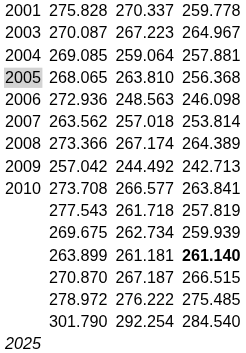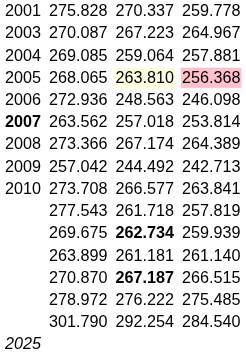 <table>
 <tr>
 <td>2001</td>
 <td></td>
 <td>275.828</td>
 <td></td>
 <td>270.337</td>
 <td></td>
 <td>259.778</td>
 </tr>
 <tr>
 <td>2003</td>
 <td></td>
 <td>270.087</td>
 <td></td>
 <td>267.223</td>
 <td></td>
 <td>264.967</td>
 </tr>
 <tr>
 <td>2004</td>
 <td></td>
 <td>269.085</td>
 <td></td>
 <td>259.064</td>
 <td></td>
 <td>257.881</td>
 </tr>
 <tr>
-<td style="background: lightgrey;">2005</td>
+<td>2005</td>
 <td></td>
 <td>268.065</td>
 <td></td>
-<td>263.810</td>
+<td style="background: lightyellow;">263.810</td>
 <td></td>
-<td>256.368</td>
+<td style="background: pink;">256.368</td>
 </tr>
 <tr>
 <td>2006</td>
 <td></td>
 <td>272.936</td>
 <td></td>
 <td>248.563</td>
 <td></td>
 <td>246.098</td>
 </tr>
 <tr>
-<td>2007</td>
+<td><strong>2007</strong></td>
 <td></td>
 <td>263.562</td>
 <td></td>
 <td>257.018</td>
 <td></td>
 <td>253.814</td>
 </tr>
 <tr>
 <td>2008</td>
 <td></td>
 <td>273.366</td>
 <td></td>
 <td>267.174</td>
 <td></td>
 <td>264.389</td>
 </tr>
 <tr>
 <td>2009</td>
 <td></td>
 <td>257.042</td>
 <td></td>
 <td>244.492</td>
 <td></td>
 <td>242.713</td>
 </tr>
 <tr>
 <td>2010</td>
 <td></td>
 <td>273.708</td>
 <td></td>
 <td>266.577</td>
 <td></td>
 <td>263.841</td>
 </tr>
 <tr>
 <td></td>
 <td></td>
 <td>277.543 </td>
 <td></td>
 <td>261.718</td>
 <td></td>
 <td>257.819</td>
 </tr>
 <tr>
 <td></td>
 <td></td>
 <td>269.675</td>
 <td></td>
-<td>262.734</td>
+<td><strong>262.734</strong></td>
 <td></td>
 <td>259.939</td>
 </tr>
 <tr>
 <td></td>
 <td></td>
 <td>263.899</td>
 <td></td>
 <td>261.181</td>
 <td></td>
-<td><strong>261.140</strong></td>
+<td>261.140</td>
 </tr>
 <tr>
 <td></td>
 <td></td>
 <td>270.870</td>
 <td></td>
-<td>267.187</td>
+<td><strong>267.187</strong></td>
 <td></td>
 <td>266.515</td>
 </tr>
 <tr>
 <td></td>
 <td></td>
 <td>278.972 </td>
 <td></td>
 <td>276.222</td>
 <td></td>
 <td>275.485</td>
 </tr>
 <tr>
 <td></td>
 <td></td>
 <td>301.790</td>
 <td></td>
 <td>292.254</td>
 <td></td>
 <td>284.540</td>
 </tr>
 <tr>
 <td><em>2025</em></td>
 <td></td>
 <td></td>
 <td></td>
 <td></td>
 <td></td>
 <td></td>
 </tr>
 </table>
